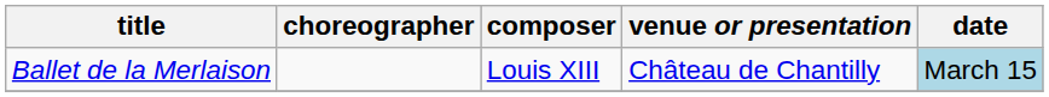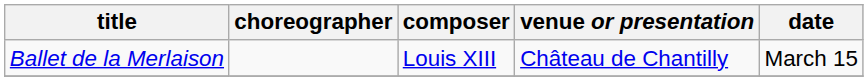 <table class="wikitable sortable">
 <tr>
 <th>title</th>
 <th>choreographer</th>
 <th>composer</th>
 <th>venue <em>or presentation</em></th>
 <th>date</th>
 </tr>
 <tr>
 <td><em><a href='#'>Ballet de la Merlaison</a></em></td>
 <td></td>
 <td><a href='#'>Louis XIII</a></td>
 <td><a href='#'>Château de Chantilly</a></td>
-<td style="background: lightblue;">March 15</td>
+<td>March 15</td>
 </tr>
 <tr>
 </tr>
 </table>
